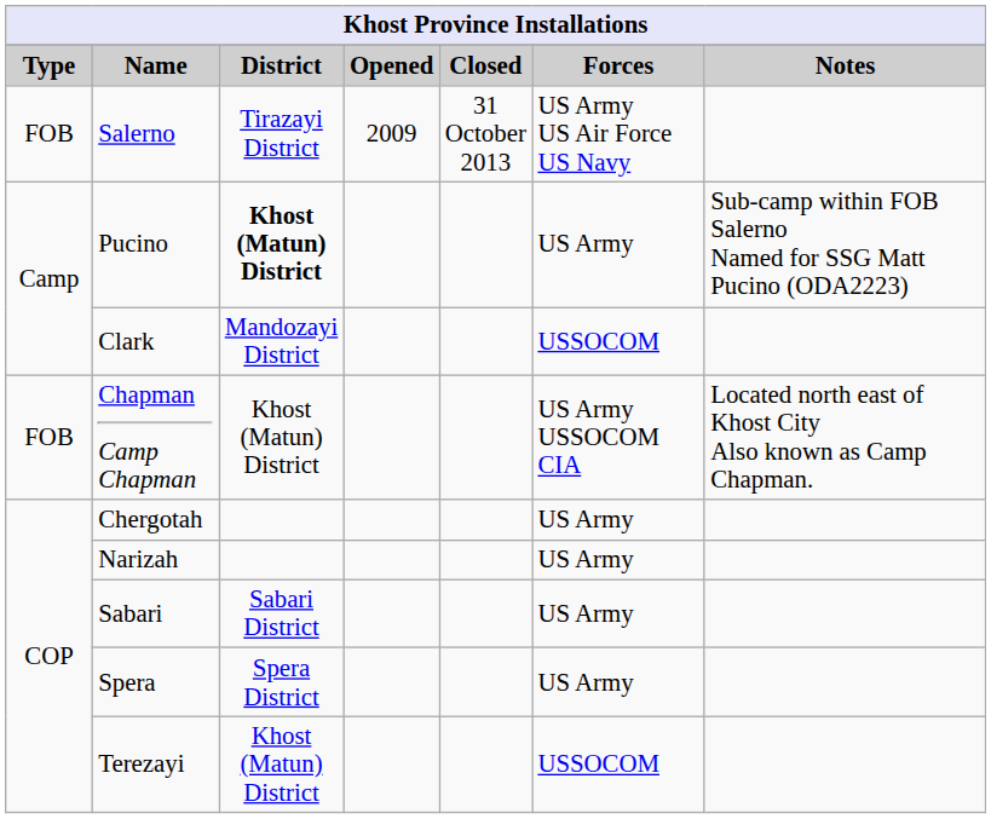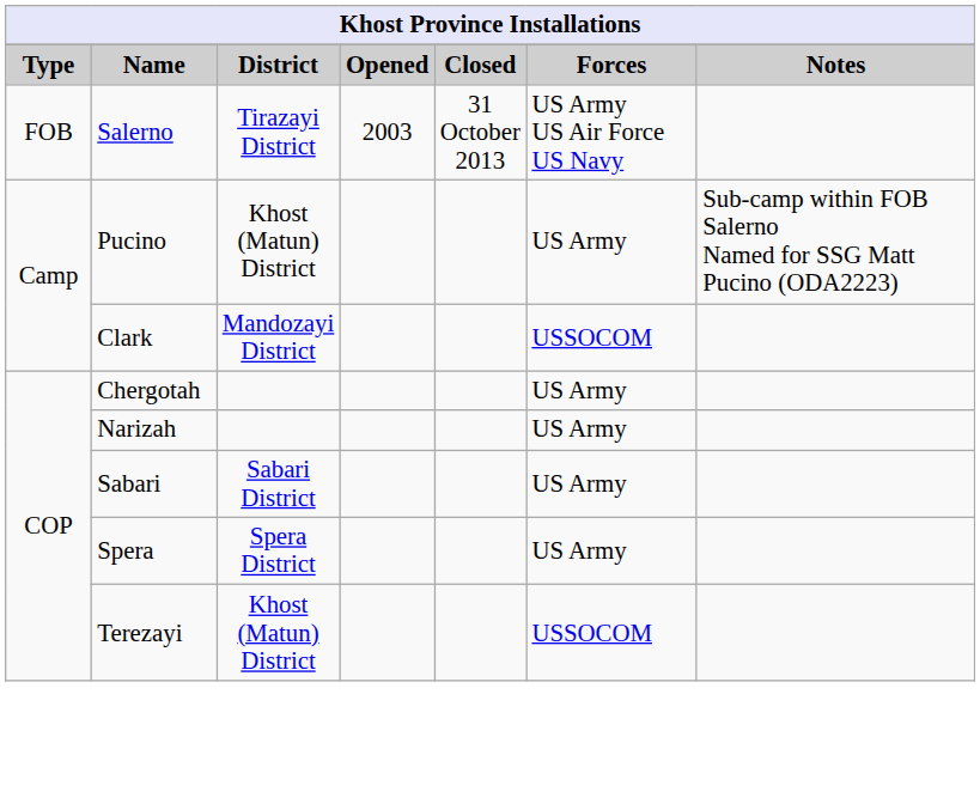 <table class="wikitable sortable" width="100%">
 <tr>
 <th style="align: center; background: lavender" colspan="7"><strong>Khost Province Installations</strong></th>
 </tr>
 <tr style="background:#efefef; color:black">
 </tr>
 <tr>
 <th style="background-color:#cfcfcf;" align="center" width="9%" align="center">Type</th>
 <th style="background-color:#cfcfcf;" align="center" width="13%">Name</th>
 <th style="background-color:#cfcfcf;" align="center" width="12%">District</th>
 <th style="background-color:#cfcfcf;" align="center" width="7%">Opened</th>
 <th style="background-color:#cfcfcf;" align="center" width="7%">Closed</th>
 <th style="background-color:#cfcfcf;" align="center" width="18%" class="unsortable">Forces</th>
 <th style="background-color:#cfcfcf;" align="center" width="30%" class="unsortable">Notes</th>
 </tr>
 <tr>
 <td align="center">FOB</td>
 <td><a href='#'>Salerno</a></td>
 <td align="center"><a href='#'>Tirazayi District</a></td>
-<td align="center">2009</td>
+<td align="center">2003</td>
 <td align="center">31 October 2013</td>
 <td> US Army<br> US Air Force<br> <a href='#'>US Navy</a></td>
 <td></td>
 </tr>
 <tr>
 <td rowspan="2" align="center">Camp</td>
 <td>Pucino</td>
-<td align="center"><strong>Khost (Matun) District</strong></td>
+<td align="center">Khost (Matun) District</td>
 <td align="center"> </td>
 <td align="center"></td>
 <td> US Army</td>
 <td>Sub-camp within FOB Salerno<br>Named for SSG Matt Pucino (ODA2223)</td>
 </tr>
 <tr>
 <td>Clark</td>
 <td align="center"><a href='#'>Mandozayi District</a></td>
 <td align="center"> </td>
 <td align="center"> </td>
 <td> <a href='#'>USSOCOM</a></td>
 <td></td>
-</tr>
-<tr>
-<td align="center">FOB</td>
-<td><a href='#'>Chapman</a><hr><em>Camp Chapman</em></td>
-<td align="center">Khost (Matun) District</td>
-<td align="center"></td>
-<td align="center"> </td>
-<td> US Army<br> USSOCOM<br> <a href='#'>CIA</a></td>
-<td>Located  north east of Khost City<br>Also known as Camp Chapman.</td>
 </tr>
 <tr>
 <td rowspan="5" align="center">COP</td>
 <td>Chergotah</td>
 <td align="center"></td>
 <td align="center"> </td>
 <td align="center"> </td>
 <td> US Army</td>
 <td></td>
 </tr>
 <tr>
 <td>Narizah</td>
 <td align="center"></td>
 <td align="center"> </td>
 <td align="center"> </td>
 <td> US Army</td>
 <td></td>
 </tr>
 <tr>
 <td>Sabari</td>
 <td align="center"><a href='#'>Sabari District</a></td>
 <td align="center"> </td>
 <td align="center"> </td>
 <td> US Army</td>
 <td></td>
 </tr>
 <tr>
 <td>Spera</td>
 <td align="center"><a href='#'>Spera District</a></td>
 <td align="center"> </td>
 <td align="center"></td>
 <td> US Army</td>
 <td></td>
 </tr>
 <tr>
 <td>Terezayi</td>
 <td align="center"><a href='#'>Khost (Matun) District</a></td>
 <td align="center"> </td>
 <td align="center"> </td>
 <td> <a href='#'>USSOCOM</a></td>
 <td></td>
 </tr>
 </table>
